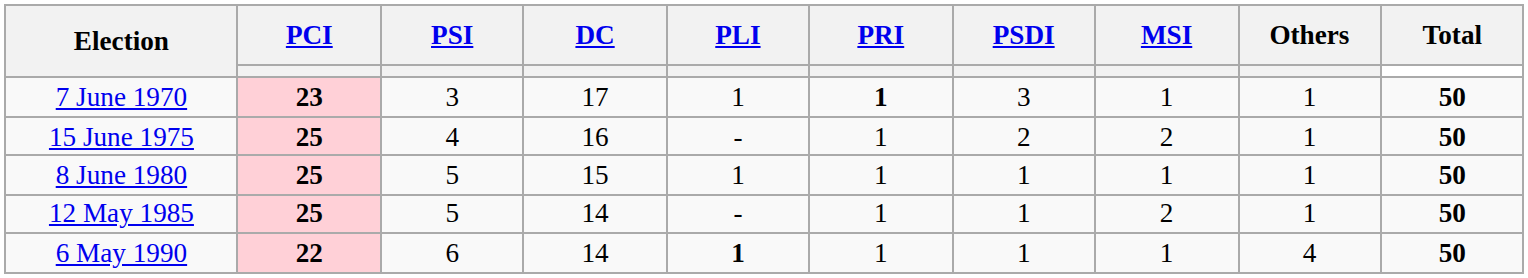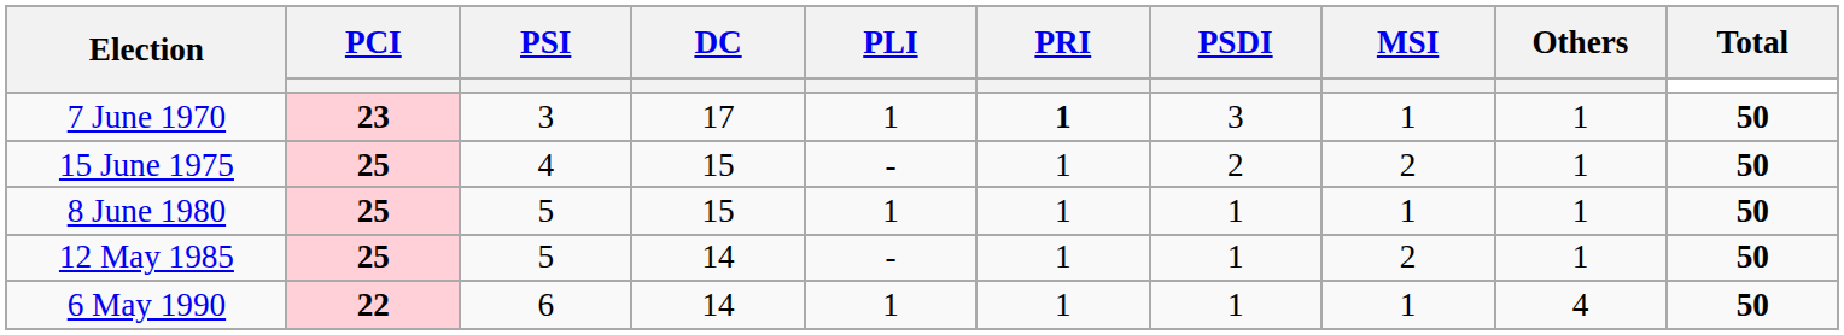 <table class="wikitable" style="text-align:center;font-size:85%;line-height:13px">
 <tr style="height:30px; background-color:#E9E9E9">
 <th style="width:110px;" rowspan="2">Election</th>
 <th style="width:65px;"><a href='#'>PCI</a></th>
 <th style="width:65px;"><a href='#'>PSI</a></th>
 <th style="width:65px;"><a href='#'>DC</a></th>
 <th style="width:65px;"><a href='#'>PLI</a></th>
 <th style="width:65px;"><a href='#'>PRI</a></th>
 <th style="width:65px;"><a href='#'>PSDI</a></th>
 <th style="width:65px;"><a href='#'>MSI</a></th>
 <th style="width:65px;">Others</th>
 <th style="width:65px;">Total</th>
 </tr>
 <tr>
 <th style="color:inherit;background:"></th>
 <th style="color:inherit;background:"></th>
 <th style="color:inherit;background:"></th>
 <th style="color:inherit;background:"></th>
 <th style="color:inherit;background:"></th>
 <th style="color:inherit;background:"></th>
 <th style="color:inherit;background:"></th>
 <th style="color:inherit;background:"></th>
 <th style="color:inherit;background:white;"></th>
 </tr>
 <tr>
 <td><a href='#'>7 June 1970</a></td>
 <td style="background:#FFD0D7"><strong>23</strong></td>
 <td>3</td>
 <td>17</td>
 <td>1</td>
 <td><strong>1</strong></td>
 <td>3</td>
 <td>1</td>
 <td>1</td>
 <td><strong>50</strong></td>
 </tr>
 <tr>
 <td><a href='#'>15 June 1975</a></td>
 <td style="background:#FFD0D7"><strong>25</strong></td>
 <td>4</td>
-<td>16</td>
+<td>15</td>
 <td>-</td>
 <td>1</td>
 <td>2</td>
 <td>2</td>
 <td>1</td>
 <td><strong>50</strong></td>
 </tr>
 <tr>
 <td><a href='#'>8 June 1980</a></td>
 <td style="background:#FFD0D7"><strong>25</strong></td>
 <td>5</td>
 <td>15</td>
 <td>1</td>
 <td>1</td>
 <td>1</td>
 <td>1</td>
 <td>1</td>
 <td><strong>50</strong></td>
 </tr>
 <tr>
 <td><a href='#'>12 May 1985</a></td>
 <td style="background:#FFD0D7"><strong>25</strong></td>
 <td>5</td>
 <td>14</td>
 <td>-</td>
 <td>1</td>
 <td>1</td>
 <td>2</td>
 <td>1</td>
 <td><strong>50</strong></td>
 </tr>
 <tr>
 <td><a href='#'>6 May 1990</a></td>
 <td style="background:#FFD0D7"><strong>22</strong></td>
 <td>6</td>
 <td>14</td>
-<td><strong>1</strong></td>
+<td>1</td>
 <td>1</td>
 <td>1</td>
 <td>1</td>
 <td>4</td>
 <td><strong>50</strong></td>
 </tr>
 </table>
